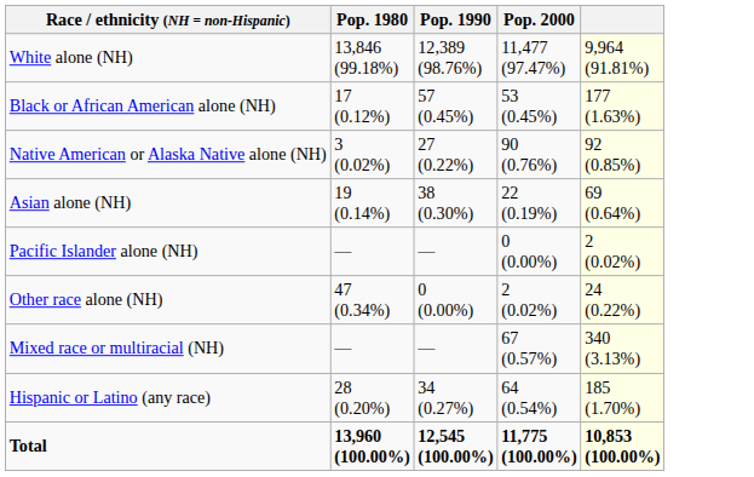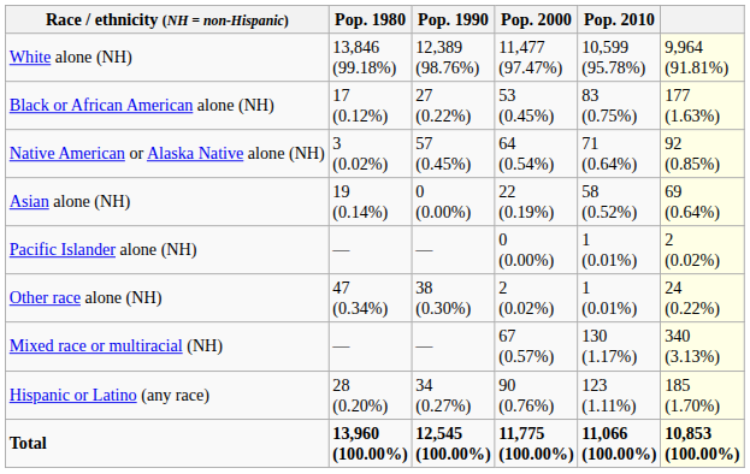 <table class="wikitable sortable collapsible" style="font-size: 95%;">
 <tr>
 <th>Race / ethnicity <small>(<em>NH = non-Hispanic</em>)</small></th>
 <th>Pop. 1980</th>
 <th>Pop. 1990</th>
 <th>Pop. 2000</th>
+<th>Pop. 2010</th>
 <th></th>
 </tr>
 <tr>
 <td><a href='#'>White</a> alone (NH)</td>
 <td>13,846<br>(99.18%)</td>
 <td>12,389<br>(98.76%)</td>
 <td>11,477<br>(97.47%)</td>
+<td>10,599<br>(95.78%)</td>
 <td style='background: #ffffe6;'>9,964<br>(91.81%)</td>
 </tr>
 <tr>
 <td><a href='#'>Black or African American</a> alone (NH)</td>
 <td>17<br>(0.12%)</td>
-<td>57<br>(0.45%)</td>
+<td>27<br>(0.22%)</td>
 <td>53<br>(0.45%)</td>
+<td>83<br>(0.75%)</td>
 <td style='background: #ffffe6;'>177<br>(1.63%)</td>
 </tr>
 <tr>
 <td><a href='#'>Native American</a> or <a href='#'>Alaska Native</a> alone (NH)</td>
 <td>3<br>(0.02%)</td>
-<td>27<br>(0.22%)</td>
-<td>90<br>(0.76%)</td>
+<td>57<br>(0.45%)</td>
+<td>64<br>(0.54%)</td>
+<td>71<br>(0.64%)</td>
 <td style='background: #ffffe6;'>92<br>(0.85%)</td>
 </tr>
 <tr>
 <td><a href='#'>Asian</a> alone (NH)</td>
 <td>19<br>(0.14%)</td>
-<td>38<br>(0.30%)</td>
+<td>0<br>(0.00%)</td>
 <td>22<br>(0.19%)</td>
+<td>58<br>(0.52%)</td>
 <td style='background: #ffffe6;'>69<br>(0.64%)</td>
 </tr>
 <tr>
 <td><a href='#'>Pacific Islander</a> alone (NH)</td>
 <td>—</td>
 <td>—</td>
 <td>0<br>(0.00%)</td>
+<td>1<br>(0.01%)</td>
 <td style='background: #ffffe6;'>2<br>(0.02%)</td>
 </tr>
 <tr>
 <td><a href='#'>Other race</a> alone (NH)</td>
 <td>47<br>(0.34%)</td>
-<td>0<br>(0.00%)</td>
+<td>38<br>(0.30%)</td>
 <td>2<br>(0.02%)</td>
+<td>1<br>(0.01%)</td>
 <td style='background: #ffffe6;'>24<br>(0.22%)</td>
 </tr>
 <tr>
 <td><a href='#'>Mixed race or multiracial</a> (NH)</td>
 <td>—</td>
 <td>—</td>
 <td>67<br>(0.57%)</td>
+<td>130<br>(1.17%)</td>
 <td style='background: #ffffe6;'>340<br>(3.13%)</td>
 </tr>
 <tr>
 <td><a href='#'>Hispanic or Latino</a> (any race)</td>
 <td>28<br>(0.20%)</td>
 <td>34<br>(0.27%)</td>
-<td>64<br>(0.54%)</td>
+<td>90<br>(0.76%)</td>
+<td>123<br>(1.11%)</td>
 <td style='background: #ffffe6;'>185<br>(1.70%)</td>
 </tr>
 <tr>
 <td><strong>Total</strong></td>
 <td><strong>13,960<br>(100.00%)</strong></td>
 <td><strong>12,545<br>(100.00%)</strong></td>
 <td><strong>11,775<br>(100.00%)</strong></td>
+<td><strong>11,066<br>(100.00%)</strong></td>
 <td style='background: #ffffe6;'><strong>10,853<br>(100.00%)</strong></td>
 </tr>
 </table>
